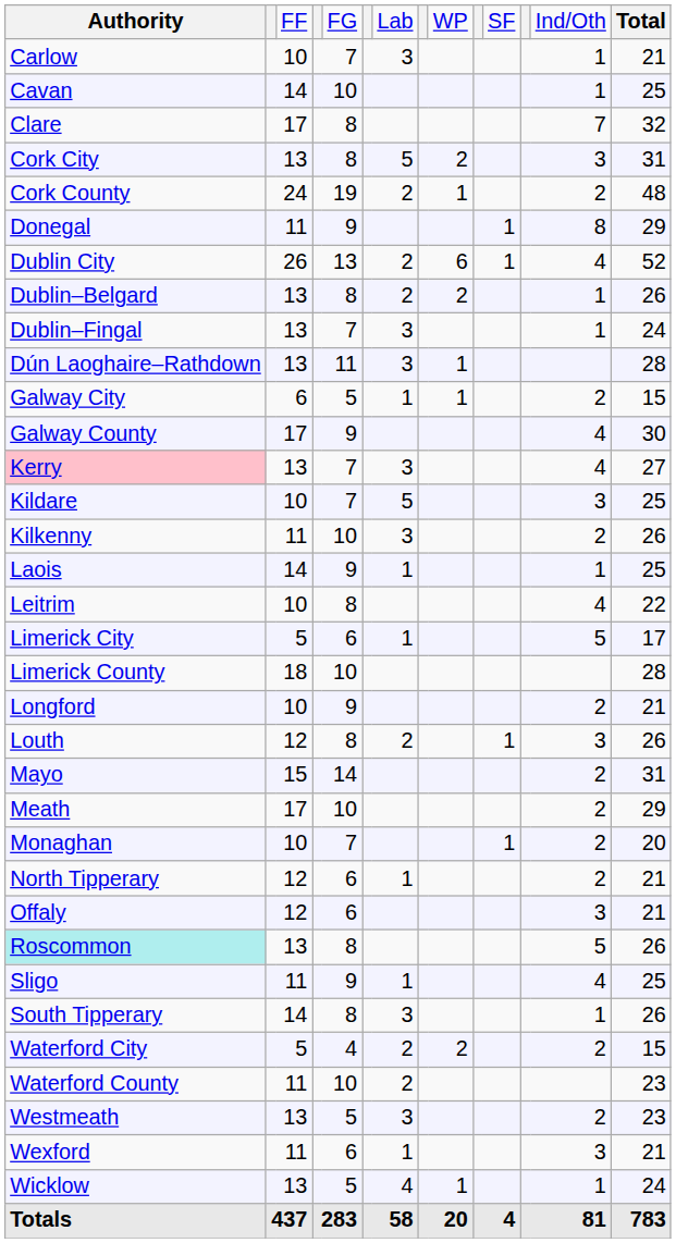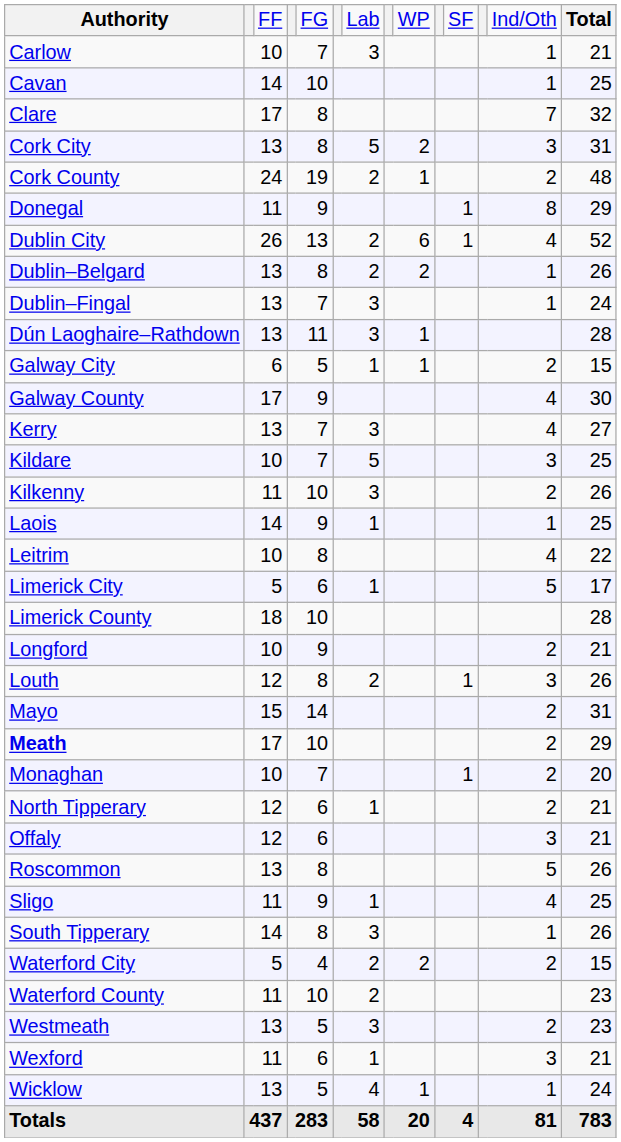 <table class="wikitable" style="text-align:right; padding-left:1em">
 <tr>
 <th align="left">Authority</th>
 <th style="background-color: "></th>
 <td><a href='#'>FF</a></td>
 <th style="background-color: "></th>
 <td><a href='#'>FG</a></td>
 <th style="background-color: "></th>
 <td><a href='#'>Lab</a></td>
 <th style="background-color: "></th>
 <td><a href='#'>WP</a></td>
 <th style="background-color: "></th>
 <td><a href='#'>SF</a></td>
 <th style="background-color: "></th>
 <td><a href='#'>Ind/Oth</a></td>
 <th align="left">Total</th>
 </tr>
 <tr>
 <td align="left"><a href='#'>Carlow</a></td>
 <td colspan="2">10</td>
 <td colspan="2">7</td>
 <td colspan="2">3</td>
 <td colspan="2"></td>
 <td colspan="2"></td>
 <td colspan="2">1</td>
 <td>21</td>
 </tr>
 <tr bgcolor="F3F3FF">
 <td align="left"><a href='#'>Cavan</a></td>
 <td colspan="2">14</td>
 <td colspan="2">10</td>
 <td colspan="2"></td>
 <td colspan="2"></td>
 <td colspan="2"></td>
 <td colspan="2">1</td>
 <td>25</td>
 </tr>
 <tr>
 <td align="left"><a href='#'>Clare</a></td>
 <td colspan="2">17</td>
 <td colspan="2">8</td>
 <td colspan="2"></td>
 <td colspan="2"></td>
 <td colspan="2"></td>
 <td colspan="2">7</td>
 <td>32</td>
 </tr>
 <tr bgcolor="F3F3FF">
 <td align="left"><a href='#'>Cork City</a></td>
 <td colspan="2">13</td>
 <td colspan="2">8</td>
 <td colspan="2">5</td>
 <td colspan="2">2</td>
 <td colspan="2"></td>
 <td colspan="2">3</td>
 <td>31</td>
 </tr>
 <tr>
 <td align="left"><a href='#'>Cork County</a></td>
 <td colspan="2">24</td>
 <td colspan="2">19</td>
 <td colspan="2">2</td>
 <td colspan="2">1</td>
 <td colspan="2"></td>
 <td colspan="2">2</td>
 <td>48</td>
 </tr>
 <tr bgcolor="F3F3FF">
 <td align="left"><a href='#'>Donegal</a></td>
 <td colspan="2">11</td>
 <td colspan="2">9</td>
 <td colspan="2"></td>
 <td colspan="2"></td>
 <td colspan="2">1</td>
 <td colspan="2">8</td>
 <td>29</td>
 </tr>
 <tr>
 <td align="left"><a href='#'>Dublin City</a></td>
 <td colspan="2">26</td>
 <td colspan="2">13</td>
 <td colspan="2">2</td>
 <td colspan="2">6</td>
 <td colspan="2">1</td>
 <td colspan="2">4</td>
 <td>52</td>
 </tr>
 <tr bgcolor="F3F3FF">
 <td align="left"><a href='#'>Dublin–Belgard</a></td>
 <td colspan="2">13</td>
 <td colspan="2">8</td>
 <td colspan="2">2</td>
 <td colspan="2">2</td>
 <td colspan="2"></td>
 <td colspan="2">1</td>
 <td>26</td>
 </tr>
 <tr>
 <td align="left"><a href='#'>Dublin–Fingal</a></td>
 <td colspan="2">13</td>
 <td colspan="2">7</td>
 <td colspan="2">3</td>
 <td colspan="2"></td>
 <td colspan="2"></td>
 <td colspan="2">1</td>
 <td>24</td>
 </tr>
 <tr bgcolor="F3F3FF">
 <td align="left"><a href='#'>Dún Laoghaire–Rathdown</a></td>
 <td colspan="2">13</td>
 <td colspan="2">11</td>
 <td colspan="2">3</td>
 <td colspan="2">1</td>
 <td colspan="2"></td>
 <td colspan="2"></td>
 <td>28</td>
 </tr>
 <tr>
 <td align="left"><a href='#'>Galway City</a></td>
 <td colspan="2">6</td>
 <td colspan="2">5</td>
 <td colspan="2">1</td>
 <td colspan="2">1</td>
 <td colspan="2"></td>
 <td colspan="2">2</td>
 <td>15</td>
 </tr>
 <tr bgcolor="F3F3FF">
 <td align="left"><a href='#'>Galway County</a></td>
 <td colspan="2">17</td>
 <td colspan="2">9</td>
 <td colspan="2"></td>
 <td colspan="2"></td>
 <td colspan="2"></td>
 <td colspan="2">4</td>
 <td>30</td>
 </tr>
 <tr>
-<td align="left" style="background: pink;"><a href='#'>Kerry</a></td>
+<td align="left"><a href='#'>Kerry</a></td>
 <td colspan="2">13</td>
 <td colspan="2">7</td>
 <td colspan="2">3</td>
 <td colspan="2"></td>
 <td colspan="2"></td>
 <td colspan="2">4</td>
 <td>27</td>
 </tr>
 <tr bgcolor="F3F3FF">
 <td align="left"><a href='#'>Kildare</a></td>
 <td colspan="2">10</td>
 <td colspan="2">7</td>
 <td colspan="2">5</td>
 <td colspan="2"></td>
 <td colspan="2"></td>
 <td colspan="2">3</td>
 <td>25</td>
 </tr>
 <tr>
 <td align="left"><a href='#'>Kilkenny</a></td>
 <td colspan="2">11</td>
 <td colspan="2">10</td>
 <td colspan="2">3</td>
 <td colspan="2"></td>
 <td colspan="2"></td>
 <td colspan="2">2</td>
 <td>26</td>
 </tr>
 <tr bgcolor="F3F3FF">
 <td align="left"><a href='#'>Laois</a></td>
 <td colspan="2">14</td>
 <td colspan="2">9</td>
 <td colspan="2">1</td>
 <td colspan="2"></td>
 <td colspan="2"></td>
 <td colspan="2">1</td>
 <td>25</td>
 </tr>
 <tr>
 <td align="left"><a href='#'>Leitrim</a></td>
 <td colspan="2">10</td>
 <td colspan="2">8</td>
 <td colspan="2"></td>
 <td colspan="2"></td>
 <td colspan="2"></td>
 <td colspan="2">4</td>
 <td>22</td>
 </tr>
 <tr bgcolor="F3F3FF">
 <td align="left"><a href='#'>Limerick City</a></td>
 <td colspan="2">5</td>
 <td colspan="2">6</td>
 <td colspan="2">1</td>
 <td colspan="2"></td>
 <td colspan="2"></td>
 <td colspan="2">5</td>
 <td>17</td>
 </tr>
 <tr>
 <td align="left"><a href='#'>Limerick County</a></td>
 <td colspan="2">18</td>
 <td colspan="2">10</td>
 <td colspan="2"></td>
 <td colspan="2"></td>
 <td colspan="2"></td>
 <td colspan="2"></td>
 <td>28</td>
 </tr>
 <tr bgcolor="F3F3FF">
 <td align="left"><a href='#'>Longford</a></td>
 <td colspan="2">10</td>
 <td colspan="2">9</td>
 <td colspan="2"></td>
 <td colspan="2"></td>
 <td colspan="2"></td>
 <td colspan="2">2</td>
 <td>21</td>
 </tr>
 <tr>
 <td align="left"><a href='#'>Louth</a></td>
 <td colspan="2">12</td>
 <td colspan="2">8</td>
 <td colspan="2">2</td>
 <td colspan="2"></td>
 <td colspan="2">1</td>
 <td colspan="2">3</td>
 <td>26</td>
 </tr>
 <tr bgcolor="F3F3FF">
 <td align="left"><a href='#'>Mayo</a></td>
 <td colspan="2">15</td>
 <td colspan="2">14</td>
 <td colspan="2"></td>
 <td colspan="2"></td>
 <td colspan="2"></td>
 <td colspan="2">2</td>
 <td>31</td>
 </tr>
 <tr>
-<td align="left"><a href='#'>Meath</a></td>
+<td align="left"><strong><a href='#'>Meath</a></strong></td>
 <td colspan="2">17</td>
 <td colspan="2">10</td>
 <td colspan="2"></td>
 <td colspan="2"></td>
 <td colspan="2"></td>
 <td colspan="2">2</td>
 <td>29</td>
 </tr>
 <tr bgcolor="F3F3FF">
 <td align="left"><a href='#'>Monaghan</a></td>
 <td colspan="2">10</td>
 <td colspan="2">7</td>
 <td colspan="2"></td>
 <td colspan="2"></td>
 <td colspan="2">1</td>
 <td colspan="2">2</td>
 <td>20</td>
 </tr>
 <tr>
 <td align="left"><a href='#'>North Tipperary</a></td>
 <td colspan="2">12</td>
 <td colspan="2">6</td>
 <td colspan="2">1</td>
 <td colspan="2"></td>
 <td colspan="2"></td>
 <td colspan="2">2</td>
 <td>21</td>
 </tr>
 <tr bgcolor="F3F3FF">
 <td align="left"><a href='#'>Offaly</a></td>
 <td colspan="2">12</td>
 <td colspan="2">6</td>
 <td colspan="2"></td>
 <td colspan="2"></td>
 <td colspan="2"></td>
 <td colspan="2">3</td>
 <td>21</td>
 </tr>
 <tr>
-<td align="left" style="background: paleturquoise;"><a href='#'>Roscommon</a></td>
+<td align="left"><a href='#'>Roscommon</a></td>
 <td colspan="2">13</td>
 <td colspan="2">8</td>
 <td colspan="2"></td>
 <td colspan="2"></td>
 <td colspan="2"></td>
 <td colspan="2">5</td>
 <td>26</td>
 </tr>
 <tr bgcolor="F3F3FF">
 <td align="left"><a href='#'>Sligo</a></td>
 <td colspan="2">11</td>
 <td colspan="2">9</td>
 <td colspan="2">1</td>
 <td colspan="2"></td>
 <td colspan="2"></td>
 <td colspan="2">4</td>
 <td>25</td>
 </tr>
 <tr>
 <td align="left"><a href='#'>South Tipperary</a></td>
 <td colspan="2">14</td>
 <td colspan="2">8</td>
 <td colspan="2">3</td>
 <td colspan="2"></td>
 <td colspan="2"></td>
 <td colspan="2">1</td>
 <td>26</td>
 </tr>
 <tr bgcolor="F3F3FF">
 <td align="left"><a href='#'>Waterford City</a></td>
 <td colspan="2">5</td>
 <td colspan="2">4</td>
 <td colspan="2">2</td>
 <td colspan="2">2</td>
 <td colspan="2"></td>
 <td colspan="2">2</td>
 <td>15</td>
 </tr>
 <tr>
 <td align="left"><a href='#'>Waterford County</a></td>
 <td colspan="2">11</td>
 <td colspan="2">10</td>
 <td colspan="2">2</td>
 <td colspan="2"></td>
 <td colspan="2"></td>
 <td colspan="2"></td>
 <td>23</td>
 </tr>
 <tr bgcolor="F3F3FF">
 <td align="left"><a href='#'>Westmeath</a></td>
 <td colspan="2">13</td>
 <td colspan="2">5</td>
 <td colspan="2">3</td>
 <td colspan="2"></td>
 <td colspan="2"></td>
 <td colspan="2">2</td>
 <td>23</td>
 </tr>
 <tr>
 <td align="left"><a href='#'>Wexford</a></td>
 <td colspan="2">11</td>
 <td colspan="2">6</td>
 <td colspan="2">1</td>
 <td colspan="2"></td>
 <td colspan="2"></td>
 <td colspan="2">3</td>
 <td>21</td>
 </tr>
 <tr bgcolor="F3F3FF">
 <td align="left"><a href='#'>Wicklow</a></td>
 <td colspan="2">13</td>
 <td colspan="2">5</td>
 <td colspan="2">4</td>
 <td colspan="2">1</td>
 <td colspan="2"></td>
 <td colspan="2">1</td>
 <td>24</td>
 </tr>
 <tr class="sortbottom" style="font-weight:bold; background:rgb(232,232,232);">
 <td align=left>Totals</td>
 <td colspan=2>437</td>
 <td colspan=2>283</td>
 <td colspan=2>58</td>
 <td colspan=2>20</td>
 <td colspan=2>4</td>
 <td colspan=2>81</td>
 <td>783</td>
 </tr>
 </table>
